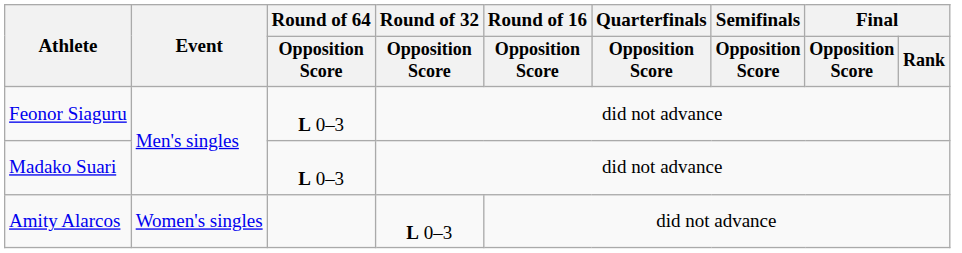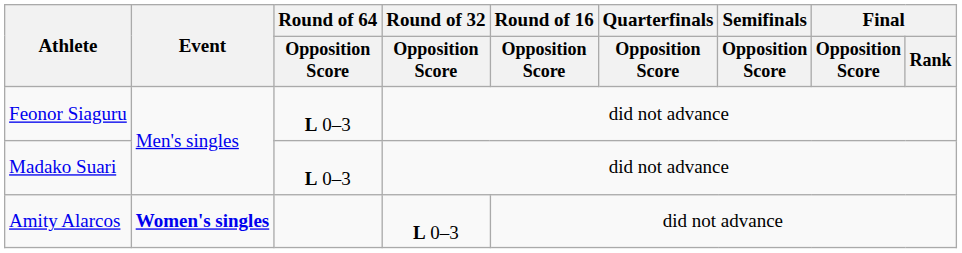 <table class=wikitable style=font-size:90%;text-align:center>
 <tr>
 <th rowspan=2>Athlete</th>
 <th rowspan=2>Event</th>
 <th>Round of 64</th>
 <th>Round of 32</th>
 <th>Round of 16</th>
 <th>Quarterfinals</th>
 <th>Semifinals</th>
 <th colspan=2>Final</th>
 </tr>
 <tr style=font-size:95%>
 <th>Opposition<br>Score</th>
 <th>Opposition<br>Score</th>
 <th>Opposition<br>Score</th>
 <th>Opposition<br>Score</th>
 <th>Opposition<br>Score</th>
 <th>Opposition<br>Score</th>
 <th>Rank</th>
 </tr>
 <tr>
 <td align=left><a href='#'>Feonor Siaguru</a></td>
 <td align=left rowspan=2><a href='#'>Men's singles</a></td>
 <td><br><strong>L</strong> 0–3</td>
 <td colspan=6>did not advance</td>
 </tr>
 <tr>
 <td align=left><a href='#'>Madako Suari</a></td>
 <td><br><strong>L</strong> 0–3</td>
 <td colspan=6>did not advance</td>
 </tr>
 <tr>
 <td align=left><a href='#'>Amity Alarcos</a></td>
-<td align=left><a href='#'>Women's singles</a></td>
+<td align=left><strong><a href='#'>Women's singles</a></strong></td>
 <td></td>
 <td><br><strong>L</strong> 0–3</td>
 <td colspan=5>did not advance</td>
 </tr>
 </table>
